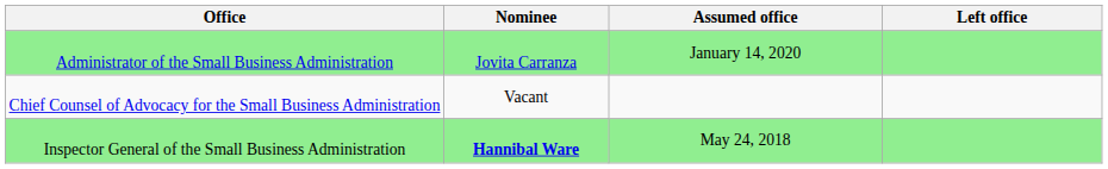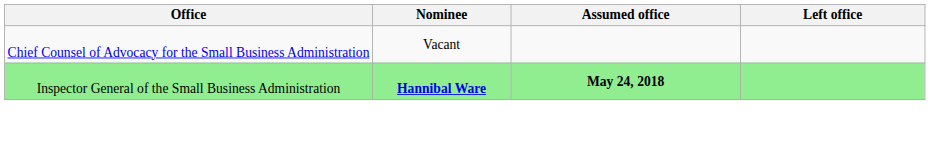 <table class="wikitable sortable" style="text-align:center">
 <tr>
 <th style="width:40%;">Office</th>
 <th style="width:15%;">Nominee</th>
 <th style="width:25%;" data-sort-type="date">Assumed office</th>
 <th style="width:20%;" data-sort-type="date">Left office</th>
-</tr>
-<tr style="background:lightgreen">
-<td><br><a href='#'>Administrator of the Small Business Administration</a></td>
-<td><br><a href='#'>Jovita Carranza</a></td>
-<td>January 14, 2020<br></td>
-<td></td>
 </tr>
 <tr>
 <td><br><a href='#'>Chief Counsel of Advocacy for the Small Business Administration</a></td>
 <td>Vacant</td>
 <td></td>
 <td></td>
 </tr>
 <tr style="background:lightgreen;">
 <td><br>Inspector General of the Small Business Administration</td>
 <td><strong><br><a href='#'>Hannibal Ware</a></strong></td>
-<td>May 24, 2018<br></td>
+<td><strong>May 24, 2018<br></strong></td>
 <td></td>
 </tr>
 </table>
